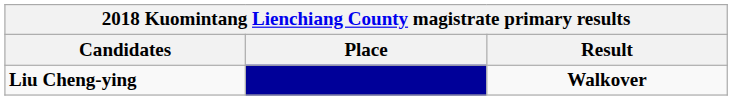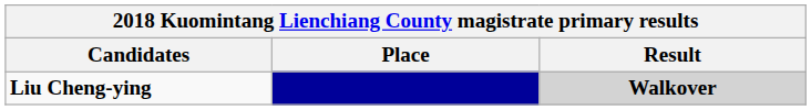 <table class="wikitable collapsible" style="margin:1em auto;">
 <tr>
 <th colspan="6" width=600>2018 Kuomintang <a href='#'>Lienchiang County</a> magistrate primary results</th>
 </tr>
 <tr>
 <th width=80>Candidates</th>
 <th width=80>Place</th>
 <th width=80>Result</th>
 </tr>
 <tr>
 <td><strong>Liu Cheng-ying</strong></td>
 <td style="background: #000099; text-align:center"><strong></strong></td>
-<td style="text-align:center"><strong>Walkover</strong></td>
+<td style="background: lightgrey; text-align:center"><strong>Walkover</strong></td>
 </tr>
 </table>
